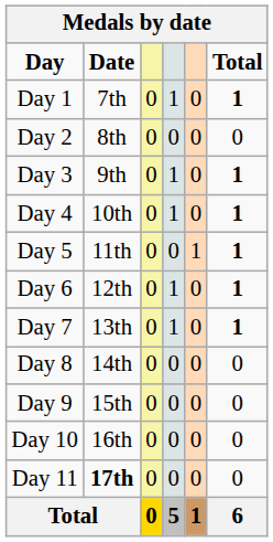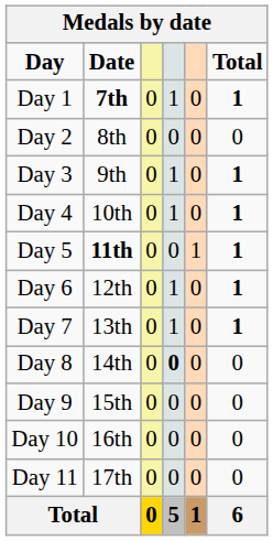 <table class="wikitable" style="font-size:85%" align="right">
 <tr bgcolor="#efefef">
 <th colspan=7><strong>Medals by date</strong></th>
 </tr>
 <tr style="text-align:center;">
 <td><strong>Day</strong></td>
 <td><strong>Date</strong></td>
 <td style="background:#F7F6A8;"></td>
 <td style="background:#DCE5E5;"></td>
 <td style="background:#FFDAB9;"></td>
 <td><strong>Total</strong></td>
 </tr>
 <tr style="text-align:center;">
 <td>Day 1</td>
-<td>7th</td>
+<td><strong>7th</strong></td>
 <td style="background:#F7F6A8;">0</td>
 <td style="background:#DCE5E5;">1</td>
 <td style="background:#FFDAB9;">0</td>
 <td><strong>1</strong></td>
 </tr>
 <tr style="text-align:center;">
 <td>Day 2</td>
 <td>8th</td>
 <td style="background:#F7F6A8;">0</td>
 <td style="background:#DCE5E5;">0</td>
 <td style="background:#FFDAB9;">0</td>
 <td>0</td>
 </tr>
 <tr style="text-align:center;">
 <td>Day 3</td>
 <td>9th</td>
 <td style="background:#F7F6A8;">0</td>
 <td style="background:#DCE5E5;">1</td>
 <td style="background:#FFDAB9;">0</td>
 <td><strong>1</strong></td>
 </tr>
 <tr style="text-align:center;">
 <td>Day 4</td>
 <td>10th</td>
 <td style="background:#F7F6A8;">0</td>
 <td style="background:#DCE5E5;">1</td>
 <td style="background:#FFDAB9;">0</td>
 <td><strong>1</strong></td>
 </tr>
 <tr style="text-align:center;">
 <td>Day 5</td>
-<td>11th</td>
+<td><strong>11th</strong></td>
 <td style="background:#F7F6A8;">0</td>
 <td style="background:#DCE5E5;">0</td>
 <td style="background:#FFDAB9;">1</td>
 <td><strong>1</strong></td>
 </tr>
 <tr style="text-align:center;">
 <td>Day 6</td>
 <td>12th</td>
 <td style="background:#F7F6A8;">0</td>
 <td style="background:#DCE5E5;">1</td>
 <td style="background:#FFDAB9;">0</td>
 <td><strong>1</strong></td>
 </tr>
 <tr style="text-align:center;">
 <td>Day 7</td>
 <td>13th</td>
 <td style="background:#F7F6A8;">0</td>
 <td style="background:#DCE5E5;">1</td>
 <td style="background:#FFDAB9;">0</td>
 <td><strong>1</strong></td>
 </tr>
 <tr style="text-align:center;">
 <td>Day 8</td>
 <td>14th</td>
 <td style="background:#F7F6A8;">0</td>
-<td style="background:#DCE5E5;">0</td>
+<td style="background:#DCE5E5;"><strong>0</strong></td>
 <td style="background:#FFDAB9;">0</td>
 <td>0</td>
 </tr>
 <tr style="text-align:center;">
 <td>Day 9</td>
 <td>15th</td>
 <td style="background:#F7F6A8;">0</td>
 <td style="background:#DCE5E5;">0</td>
 <td style="background:#FFDAB9;">0</td>
 <td>0</td>
 </tr>
 <tr style="text-align:center;">
 <td nowrap>Day 10</td>
 <td>16th</td>
 <td style="background:#F7F6A8;">0</td>
 <td style="background:#DCE5E5;">0</td>
 <td style="background:#FFDAB9;">0</td>
 <td>0</td>
 </tr>
 <tr style="text-align:center;">
 <td nowrap>Day 11</td>
-<td><strong>17th</strong></td>
+<td>17th</td>
 <td style="background:#F7F6A8;">0</td>
 <td style="background:#DCE5E5;">0</td>
 <td style="background:#FFDAB9;">0</td>
 <td>0</td>
 </tr>
 <tr>
 <th colspan="2"><strong>Total</strong></th>
 <th style="background:gold;"><strong>0</strong></th>
 <th style="background:silver;"><strong>5</strong></th>
 <th style="background:#CC9966;"><strong>1</strong></th>
 <th><strong>6</strong></th>
 </tr>
 </table>
